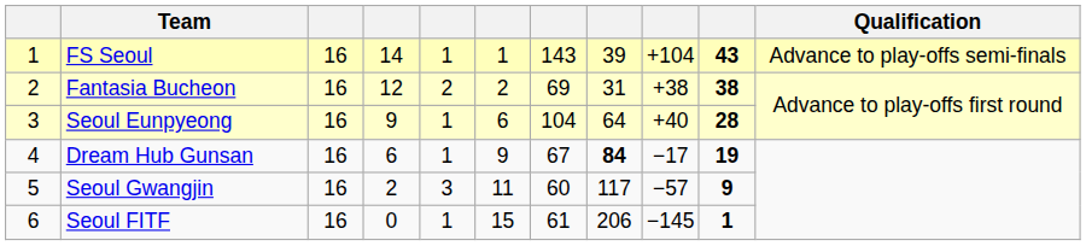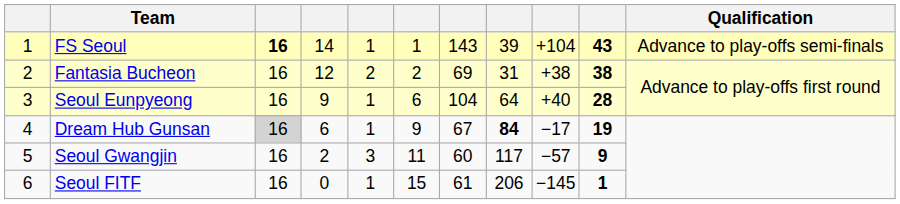 <table class="wikitable" style="text-align:center">
 <tr>
 <th width=35></th>
 <th width=180>Team</th>
 <th width=35></th>
 <th width=35></th>
 <th width=35></th>
 <th width=35></th>
 <th width=35></th>
 <th width=35></th>
 <th width=35></th>
 <th width=35></th>
 <th width=240>Qualification</th>
 </tr>
 <tr style="background:#ffffbb">
 <td>1</td>
 <td align="left"><a href='#'>FS Seoul</a></td>
-<td>16</td>
+<td><strong>16</strong></td>
 <td>14</td>
 <td>1</td>
 <td>1</td>
 <td>143</td>
 <td>39</td>
 <td>+104</td>
 <td><strong>43</strong></td>
 <td>Advance to play-offs semi-finals</td>
 </tr>
 <tr style="background:#ffffcc">
 <td>2</td>
 <td align="left"><a href='#'>Fantasia Bucheon</a></td>
 <td>16</td>
 <td>12</td>
 <td>2</td>
 <td>2</td>
 <td>69</td>
 <td>31</td>
 <td>+38</td>
 <td><strong>38</strong></td>
 <td rowspan="2">Advance to play-offs first round</td>
 </tr>
 <tr style="background:#ffffcc">
 <td>3</td>
 <td align="left"><a href='#'>Seoul Eunpyeong</a></td>
 <td>16</td>
 <td>9</td>
 <td>1</td>
 <td>6</td>
 <td>104</td>
 <td>64</td>
 <td>+40</td>
 <td><strong>28</strong></td>
 </tr>
 <tr>
 <td>4</td>
 <td align="left"><a href='#'>Dream Hub Gunsan</a></td>
-<td>16</td>
+<td style="background: lightgrey;">16</td>
 <td>6</td>
 <td>1</td>
 <td>9</td>
 <td>67</td>
 <td><strong>84</strong></td>
 <td>−17</td>
 <td><strong>19</strong></td>
 </tr>
 <tr>
 <td>5</td>
 <td align="left"><a href='#'>Seoul Gwangjin</a></td>
 <td>16</td>
 <td>2</td>
 <td>3</td>
 <td>11</td>
 <td>60</td>
 <td>117</td>
 <td>−57</td>
 <td><strong>9</strong></td>
 </tr>
 <tr>
 <td>6</td>
 <td align="left"><a href='#'>Seoul FITF</a></td>
 <td>16</td>
 <td>0</td>
 <td>1</td>
 <td>15</td>
 <td>61</td>
 <td>206</td>
 <td>−145</td>
 <td><strong>1</strong></td>
 </tr>
 </table>
